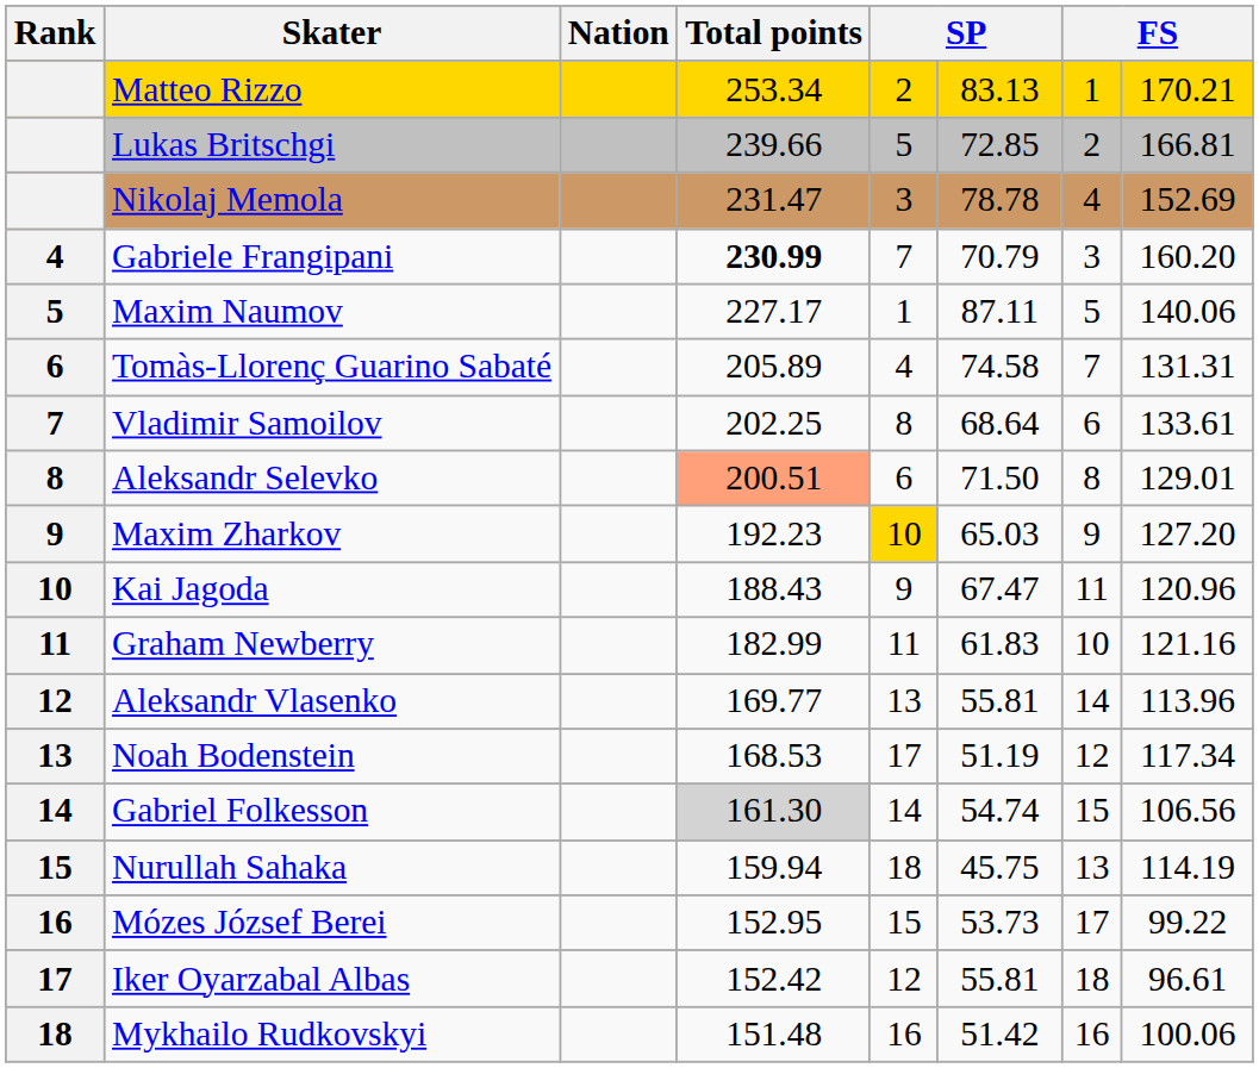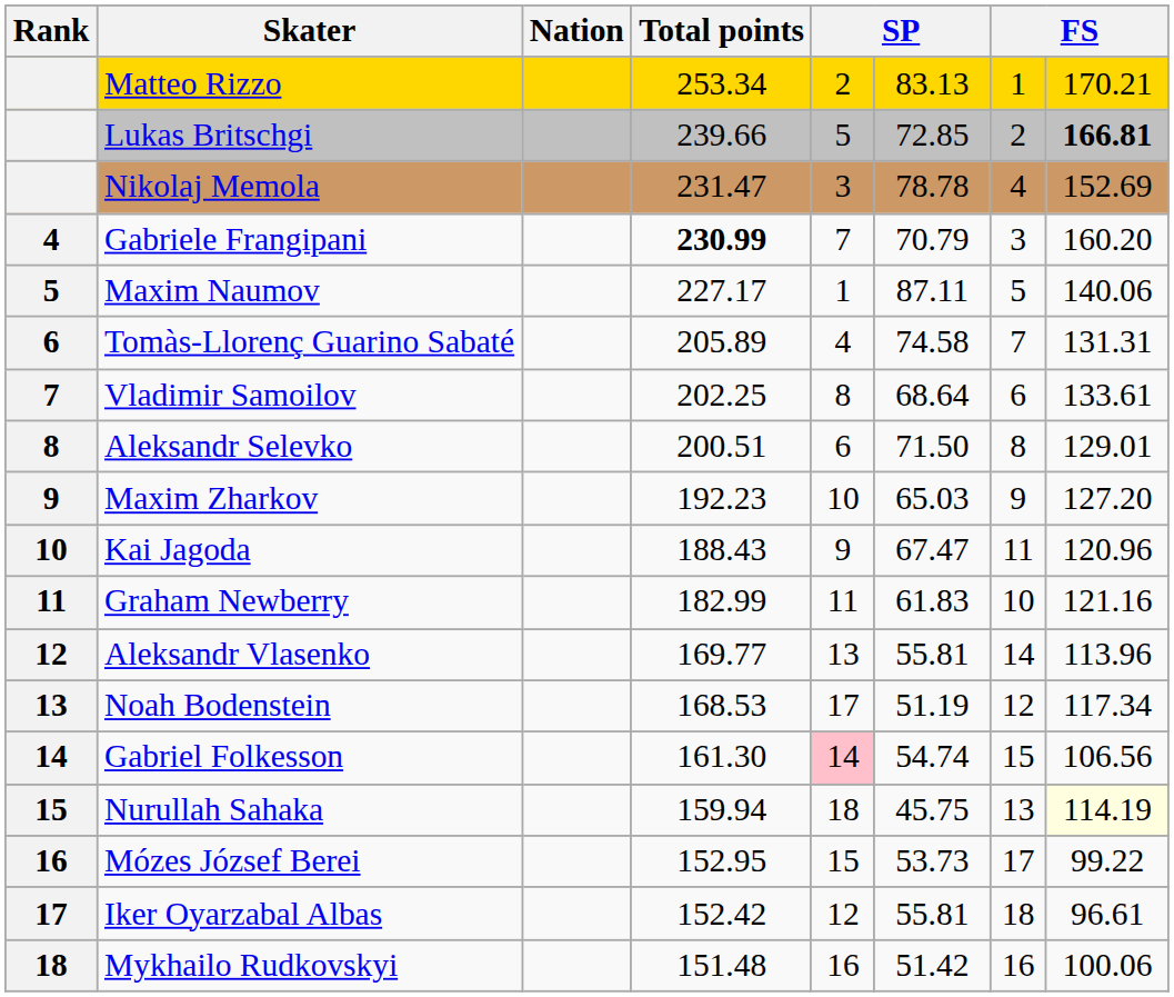 <table class="wikitable sortable" style="text-align:left">
 <tr>
 <th scope="col">Rank</th>
 <th scope="col">Skater</th>
 <th scope="col">Nation</th>
 <th scope="col">Total points</th>
 <th scope="col" colspan="2" width="80px"><a href='#'>SP</a></th>
 <th scope="col" colspan="2" width="80px"><a href='#'>FS</a></th>
 </tr>
 <tr bgcolor="gold">
 <th scope="row"></th>
 <td><a href='#'>Matteo Rizzo</a></td>
 <td></td>
 <td align="center">253.34</td>
 <td align="center">2</td>
 <td align="center">83.13</td>
 <td align="center">1</td>
 <td align="center">170.21</td>
 </tr>
 <tr bgcolor="silver">
 <th scope="row"></th>
 <td><a href='#'>Lukas Britschgi</a></td>
 <td></td>
 <td align="center">239.66</td>
 <td align="center">5</td>
 <td align="center">72.85</td>
 <td align="center">2</td>
-<td align="center">166.81</td>
+<td align="center"><strong>166.81</strong></td>
 </tr>
 <tr bgcolor="cc9966">
 <th scope="row"></th>
 <td><a href='#'>Nikolaj Memola</a></td>
 <td></td>
 <td align="center">231.47</td>
 <td align="center">3</td>
 <td align="center">78.78</td>
 <td align="center">4</td>
 <td align="center">152.69</td>
 </tr>
 <tr>
 <th scope="row">4</th>
 <td><a href='#'>Gabriele Frangipani</a></td>
 <td></td>
 <td align="center"><strong>230.99</strong></td>
 <td align="center">7</td>
 <td align="center">70.79</td>
 <td align="center">3</td>
 <td align="center">160.20</td>
 </tr>
 <tr>
 <th scope="row">5</th>
 <td><a href='#'>Maxim Naumov</a></td>
 <td></td>
 <td align="center">227.17</td>
 <td align="center">1</td>
 <td align="center">87.11</td>
 <td align="center">5</td>
 <td align="center">140.06</td>
 </tr>
 <tr>
 <th scope="row">6</th>
 <td><a href='#'>Tomàs-Llorenç Guarino Sabaté</a></td>
 <td></td>
 <td align="center">205.89</td>
 <td align="center">4</td>
 <td align="center">74.58</td>
 <td align="center">7</td>
 <td align="center">131.31</td>
 </tr>
 <tr>
 <th scope="row">7</th>
 <td><a href='#'>Vladimir Samoilov</a></td>
 <td></td>
 <td align="center">202.25</td>
 <td align="center">8</td>
 <td align="center">68.64</td>
 <td align="center">6</td>
 <td align="center">133.61</td>
 </tr>
 <tr>
 <th scope="row">8</th>
 <td><a href='#'>Aleksandr Selevko</a></td>
 <td></td>
-<td align="center" style="background: lightsalmon;">200.51</td>
+<td align="center">200.51</td>
 <td align="center">6</td>
 <td align="center">71.50</td>
 <td align="center">8</td>
 <td align="center">129.01</td>
 </tr>
 <tr>
 <th scope="row">9</th>
 <td><a href='#'>Maxim Zharkov</a></td>
 <td></td>
 <td align="center">192.23</td>
-<td align="center" style="background: gold;">10</td>
+<td align="center">10</td>
 <td align="center">65.03</td>
 <td align="center">9</td>
 <td align="center">127.20</td>
 </tr>
 <tr>
 <th scope="row">10</th>
 <td><a href='#'>Kai Jagoda</a></td>
 <td></td>
 <td align="center">188.43</td>
 <td align="center">9</td>
 <td align="center">67.47</td>
 <td align="center">11</td>
 <td align="center">120.96</td>
 </tr>
 <tr>
 <th scope="row">11</th>
 <td><a href='#'>Graham Newberry</a></td>
 <td></td>
 <td align="center">182.99</td>
 <td align="center">11</td>
 <td align="center">61.83</td>
 <td align="center">10</td>
 <td align="center">121.16</td>
 </tr>
 <tr>
 <th scope="row">12</th>
 <td><a href='#'>Aleksandr Vlasenko</a></td>
 <td></td>
 <td align="center">169.77</td>
 <td align="center">13</td>
 <td align="center">55.81</td>
 <td align="center">14</td>
 <td align="center">113.96</td>
 </tr>
 <tr>
 <th scope="row">13</th>
 <td><a href='#'>Noah Bodenstein</a></td>
 <td></td>
 <td align="center">168.53</td>
 <td align="center">17</td>
 <td align="center">51.19</td>
 <td align="center">12</td>
 <td align="center">117.34</td>
 </tr>
 <tr>
 <th scope="row">14</th>
 <td><a href='#'>Gabriel Folkesson</a></td>
 <td></td>
-<td align="center" style="background: lightgrey;">161.30</td>
-<td align="center">14</td>
+<td align="center">161.30</td>
+<td align="center" style="background: pink;">14</td>
 <td align="center">54.74</td>
 <td align="center">15</td>
 <td align="center">106.56</td>
 </tr>
 <tr>
 <th scope="row">15</th>
 <td><a href='#'>Nurullah Sahaka</a></td>
 <td></td>
 <td align="center">159.94</td>
 <td align="center">18</td>
 <td align="center">45.75</td>
 <td align="center">13</td>
-<td align="center">114.19</td>
+<td align="center" style="background: lightyellow;">114.19</td>
 </tr>
 <tr>
 <th scope="row">16</th>
 <td><a href='#'>Mózes József Berei</a></td>
 <td></td>
 <td align="center">152.95</td>
 <td align="center">15</td>
 <td align="center">53.73</td>
 <td align="center">17</td>
 <td align="center">99.22</td>
 </tr>
 <tr>
 <th scope="row">17</th>
 <td><a href='#'>Iker Oyarzabal Albas</a></td>
 <td></td>
 <td align="center">152.42</td>
 <td align="center">12</td>
 <td align="center">55.81</td>
 <td align="center">18</td>
 <td align="center">96.61</td>
 </tr>
 <tr>
 <th scope="row">18</th>
 <td><a href='#'>Mykhailo Rudkovskyi</a></td>
 <td></td>
 <td align="center">151.48</td>
 <td align="center">16</td>
 <td align="center">51.42</td>
 <td align="center">16</td>
 <td align="center">100.06</td>
 </tr>
 </table>
